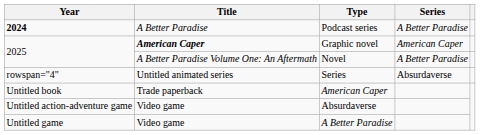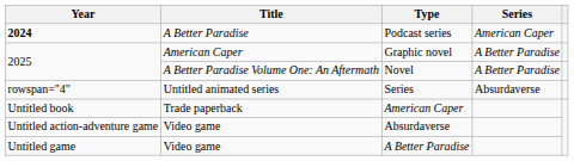 <table class="wikitable sortable">
 <tr>
 <th>Year</th>
 <th>Title</th>
 <th>Type</th>
 <th>Series</th>
 <th class="unsortable"></th>
 </tr>
 <tr>
 <td><strong>2024</strong></td>
 <td><em>A Better Paradise</em></td>
 <td>Podcast series</td>
-<td><em>A Better Paradise</em></td>
+<td><em>American Caper</em></td>
 <td align="center"></td>
 </tr>
 <tr>
 <td rowspan="2">2025</td>
-<td><strong><em>American Caper</em></strong></td>
+<td><em>American Caper</em></td>
 <td>Graphic novel</td>
-<td><em>American Caper</em></td>
+<td><em>A Better Paradise</em></td>
 <td align="center"></td>
 </tr>
 <tr>
 <td><em>A Better Paradise Volume One: An Aftermath</em></td>
 <td>Novel</td>
 <td><em>A Better Paradise</em></td>
 <td align="center"></td>
 </tr>
 <tr>
 <td>rowspan="4" </td>
 <td>Untitled animated series</td>
 <td>Series</td>
 <td>Absurdaverse</td>
 <td align="center"></td>
 </tr>
 <tr>
 <td>Untitled book</td>
 <td>Trade paperback</td>
 <td><em>American Caper</em></td>
 <td align="center"></td>
 </tr>
 <tr>
 <td>Untitled action-adventure game</td>
 <td>Video game</td>
 <td>Absurdaverse</td>
 <td align="center"></td>
 </tr>
 <tr>
 <td>Untitled game</td>
 <td>Video game</td>
 <td><em>A Better Paradise</em></td>
 <td align="center"></td>
 </tr>
 </table>
